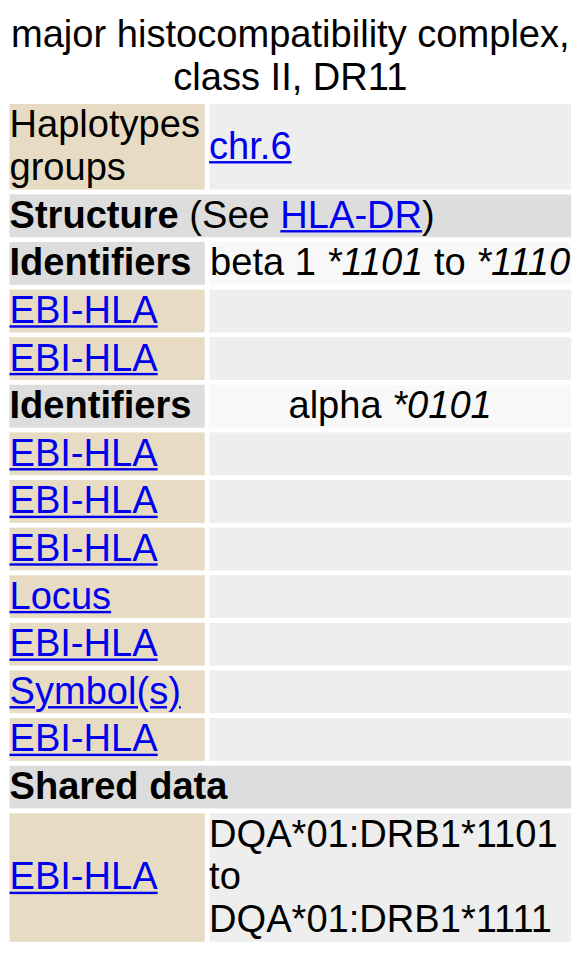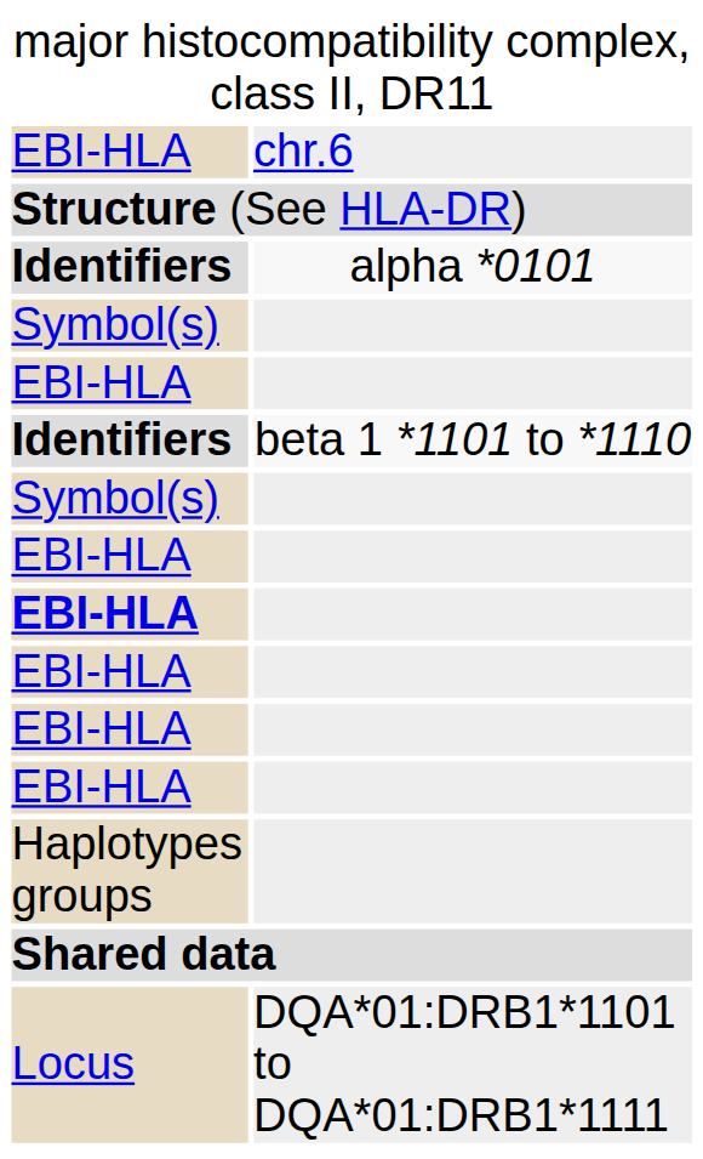 <table id="drugInfoBox" style="float: right; clear: right; margin: 0 0 0.5em 1em; background: #ffffff;" class="toccolours" border=0 cellpadding=0 align=right width="240px">
 <tr>
 <td align="center" colspan="2"></td>
 </tr>
 <tr>
 <td align="center" colspan="2"><div>major histocompatibility complex, class II, DR11</div></td>
 </tr>
 <tr>
-<td bgcolor="#e7dcc3">Haplotypes groups</td>
+<td bgcolor="#e7dcc3"><a href='#'>EBI-HLA</a></td>
 <td bgcolor="#eeeeee"><a href='#'>chr.6</a> <em></em></td>
 </tr>
 <tr>
 <td colspan="2" bgcolor="#dddddd"><strong>Structure</strong> (See <a href='#'>HLA-DR</a>)</td>
 </tr>
 <tr style="background:#f8f8f8">
 <td bgcolor="#dddddd"><strong>Identifiers</strong></td>
-<td align="center"><div>beta 1 <em>*1101</em> to <em>*1110</em></div></td>
+<td align="center"><div>alpha <em>*0101</em></div></td>
 </tr>
 <tr>
-<td bgcolor="#e7dcc3"><a href='#'>EBI-HLA</a></td>
+<td bgcolor="#e7dcc3"><a href='#'>Symbol(s)</a></td>
 <td bgcolor="#eeeeee"></td>
 </tr>
 <tr>
 <td bgcolor="#e7dcc3"><a href='#'>EBI-HLA</a></td>
 <td bgcolor="#eeeeee"></td>
 </tr>
 <tr style="background:#f8f8f8">
 <td bgcolor="#dddddd"><strong>Identifiers</strong></td>
-<td align="center"><div>alpha <em>*0101</em></div></td>
+<td align="center"><div>beta 1 <em>*1101</em> to <em>*1110</em></div></td>
+</tr>
+<tr>
+<td bgcolor="#e7dcc3"><a href='#'>Symbol(s)</a></td>
+<td bgcolor="#eeeeee"></td>
+</tr>
+<tr>
+<td bgcolor="#e7dcc3"><a href='#'>EBI-HLA</a></td>
+<td bgcolor="#eeeeee"></td>
+</tr>
+<tr>
+<td bgcolor="#e7dcc3"><strong><a href='#'>EBI-HLA</a></strong></td>
+<td bgcolor="#eeeeee"></td>
+</tr>
+<tr>
+<td bgcolor="#e7dcc3"><a href='#'>EBI-HLA</a></td>
+<td bgcolor="#eeeeee"> </td>
 </tr>
 <tr>
 <td bgcolor="#e7dcc3"><a href='#'>EBI-HLA</a></td>
 <td bgcolor="#eeeeee"></td>
 </tr>
 <tr>
 <td bgcolor="#e7dcc3"><a href='#'>EBI-HLA</a></td>
 <td bgcolor="#eeeeee"></td>
 </tr>
 <tr>
-<td bgcolor="#e7dcc3"><a href='#'>EBI-HLA</a></td>
-<td bgcolor="#eeeeee"></td>
-</tr>
-<tr>
-<td bgcolor="#e7dcc3"><a href='#'>Locus</a></td>
-<td bgcolor="#eeeeee"> </td>
-</tr>
-<tr>
-<td bgcolor="#e7dcc3"><a href='#'>EBI-HLA</a></td>
-<td bgcolor="#eeeeee"></td>
-</tr>
-<tr>
-<td bgcolor="#e7dcc3"><a href='#'>Symbol(s)</a></td>
-<td bgcolor="#eeeeee"></td>
-</tr>
-<tr>
-<td bgcolor="#e7dcc3"><a href='#'>EBI-HLA</a></td>
+<td bgcolor="#e7dcc3">Haplotypes groups</td>
 <td bgcolor="#eeeeee"></td>
 </tr>
 <tr>
 <td colspan="2" bgcolor="#dddddd"><strong>Shared data</strong></td>
 </tr>
 <tr>
-<td bgcolor="#e7dcc3"><a href='#'>EBI-HLA</a></td>
+<td bgcolor="#e7dcc3"><a href='#'>Locus</a></td>
 <td bgcolor="#eeeeee">DQA*01:DRB1*1101 to DQA*01:DRB1*1111</td>
 </tr>
 <tr>
 </tr>
 </table>
